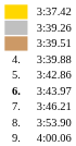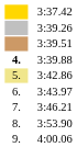 <table style="text-align:center">
 <tr>
 <td width=30 bgcolor=gold></td>
 <td align=left></td>
 <td width=60>3:37.42</td>
 </tr>
 <tr>
 <td bgcolor=silver></td>
 <td align=left></td>
 <td>3:39.26</td>
 </tr>
 <tr>
 <td bgcolor=cc9966></td>
 <td align=left></td>
 <td>3:39.51</td>
 </tr>
 <tr>
-<td>4.</td>
+<td><strong>4.</strong></td>
 <td align=left></td>
 <td>3:39.88</td>
 </tr>
 <tr>
-<td>5.</td>
+<td style="background: khaki;">5.</td>
 <td align=left></td>
 <td>3:42.86</td>
 </tr>
 <tr>
-<td><strong>6.</strong></td>
+<td>6.</td>
 <td align=left></td>
 <td>3:43.97</td>
 </tr>
 <tr>
 <td>7.</td>
 <td align=left></td>
 <td>3:46.21</td>
 </tr>
 <tr>
 <td>8.</td>
 <td align=left></td>
 <td>3:53.90</td>
 </tr>
 <tr>
 <td>9.</td>
 <td align=left></td>
 <td>4:00.06</td>
 </tr>
 </table>
